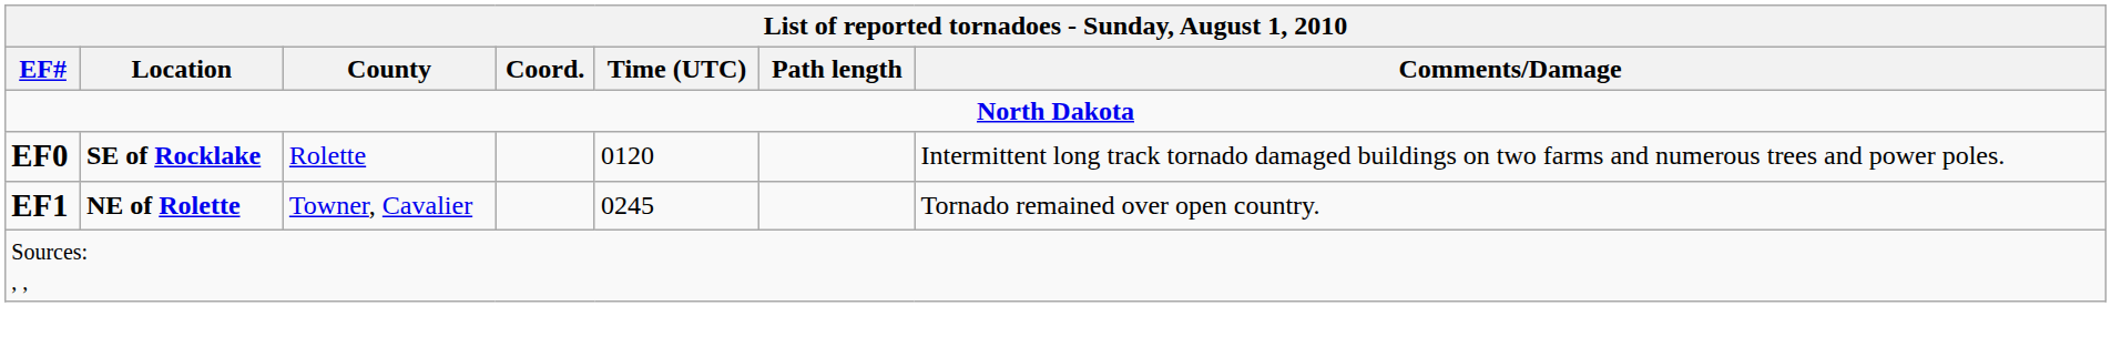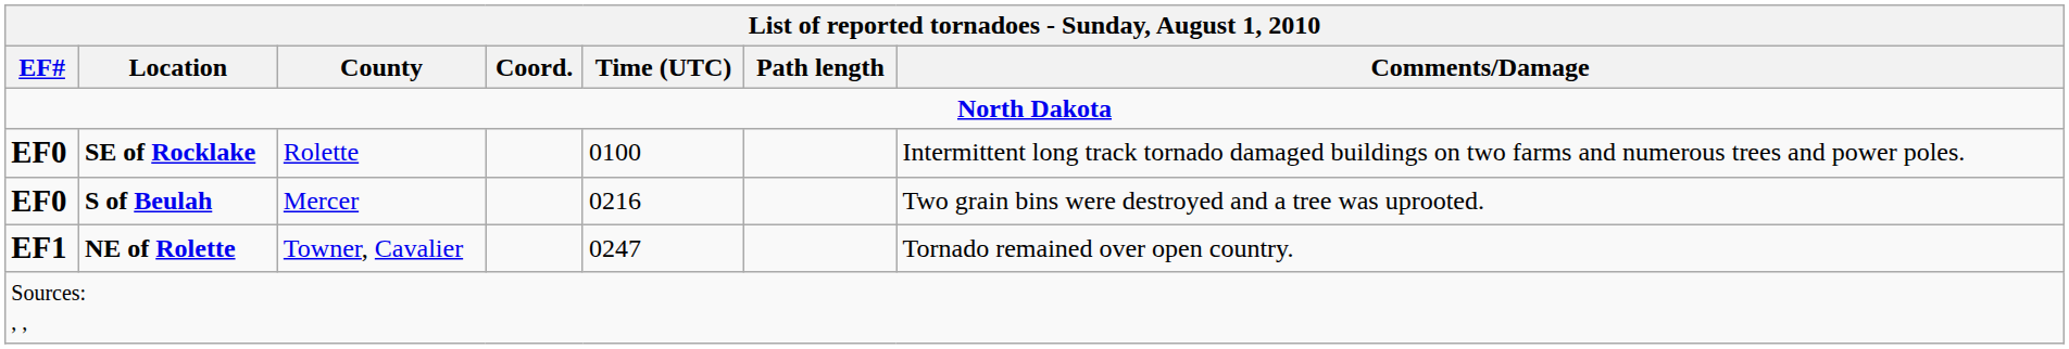 <table class="wikitable collapsible" width="100%">
 <tr>
 <th colspan="7">List of reported tornadoes - Sunday, August 1, 2010</th>
 </tr>
 <tr>
 <th><a href='#'>EF#</a></th>
 <th>Location</th>
 <th>County</th>
 <th>Coord.</th>
 <th>Time (UTC)</th>
 <th>Path length</th>
 <th>Comments/Damage</th>
 </tr>
 <tr>
 <td colspan="7" align=center><strong><a href='#'>North Dakota</a></strong></td>
 </tr>
 <tr>
 <td><big><strong>EF0</strong></big></td>
 <td><strong>SE of <a href='#'>Rocklake</a></strong></td>
 <td><a href='#'>Rolette</a></td>
 <td></td>
-<td>0120</td>
+<td>0100</td>
 <td></td>
 <td>Intermittent long track tornado damaged buildings on two farms and numerous trees and power poles.</td>
+</tr>
+<tr>
+<td><big><strong>EF0</strong></big></td>
+<td><strong>S of <a href='#'>Beulah</a></strong></td>
+<td><a href='#'>Mercer</a></td>
+<td></td>
+<td>0216</td>
+<td></td>
+<td>Two grain bins were destroyed and a tree was uprooted.</td>
 </tr>
 <tr>
 <td><big><strong>EF1</strong></big></td>
 <td><strong>NE of <a href='#'>Rolette</a></strong></td>
 <td><a href='#'>Towner</a>, <a href='#'>Cavalier</a></td>
 <td></td>
-<td>0245</td>
+<td>0247</td>
 <td></td>
 <td>Tornado remained over open country.</td>
 </tr>
 <tr>
 <td colspan="7"><small>Sources:<br>, , </small></td>
 </tr>
 </table>
